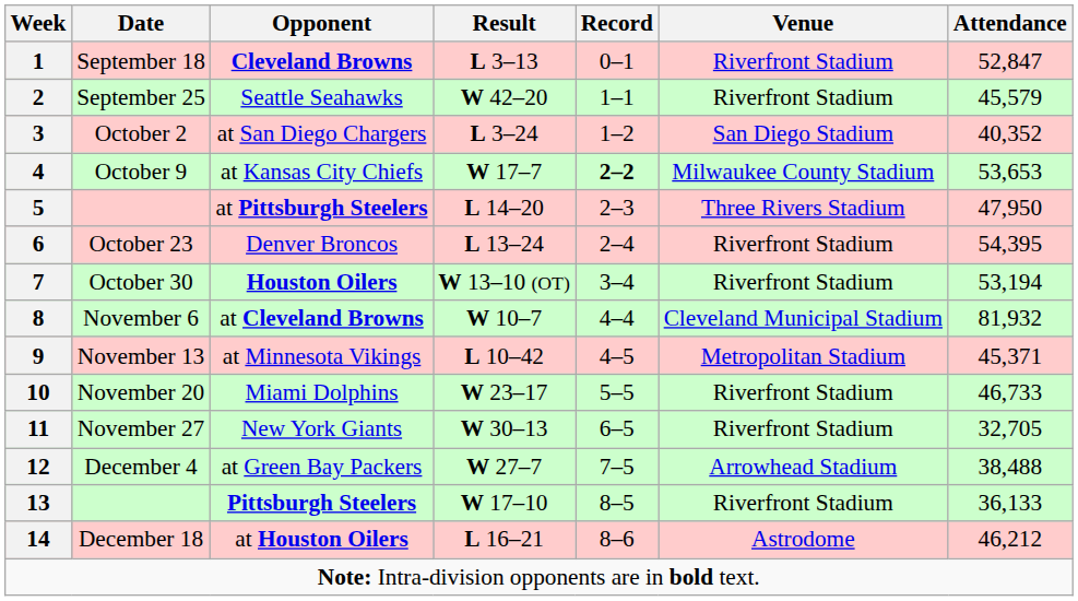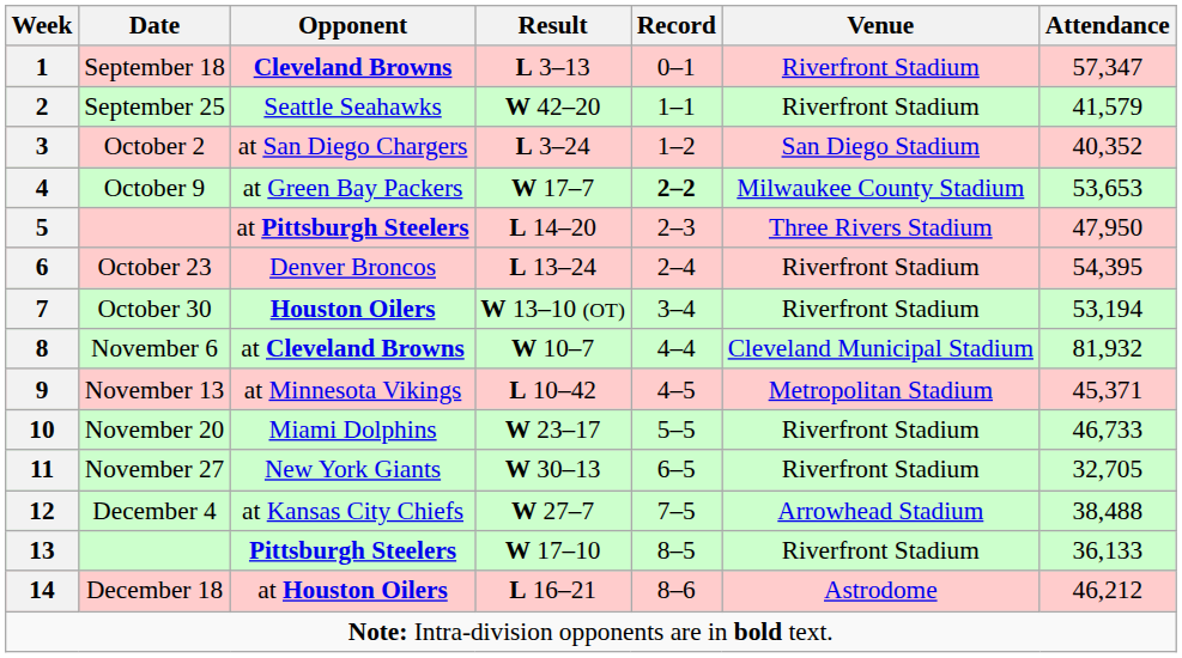 <table class="wikitable" style="text-align:center">
 <tr>
 <th>Week</th>
 <th>Date</th>
 <th>Opponent</th>
 <th>Result</th>
 <th>Record</th>
 <th>Venue</th>
 <th>Attendance</th>
 </tr>
 <tr style="background:#fcc">
 <th>1</th>
 <td>September 18</td>
 <td><strong><a href='#'>Cleveland Browns</a></strong></td>
 <td><strong>L</strong> 3–13</td>
 <td>0–1</td>
 <td><a href='#'>Riverfront Stadium</a></td>
-<td>52,847</td>
+<td>57,347</td>
 </tr>
 <tr style="background:#cfc">
 <th>2</th>
 <td>September 25</td>
 <td><a href='#'>Seattle Seahawks</a></td>
 <td><strong>W</strong> 42–20</td>
 <td>1–1</td>
 <td>Riverfront Stadium</td>
-<td>45,579</td>
+<td>41,579</td>
 </tr>
 <tr style="background:#fcc">
 <th>3</th>
 <td>October 2</td>
 <td>at <a href='#'>San Diego Chargers</a></td>
 <td><strong>L</strong> 3–24</td>
 <td>1–2</td>
 <td><a href='#'>San Diego Stadium</a></td>
 <td>40,352</td>
 </tr>
 <tr style="background:#cfc">
 <th>4</th>
 <td>October 9</td>
-<td>at <a href='#'>Kansas City Chiefs</a></td>
+<td>at <a href='#'>Green Bay Packers</a></td>
 <td><strong>W</strong> 17–7</td>
 <td><strong>2–2</strong></td>
 <td><a href='#'>Milwaukee County Stadium</a></td>
 <td>53,653</td>
 </tr>
 <tr style="background:#fcc">
 <th>5</th>
 <td></td>
 <td>at <strong><a href='#'>Pittsburgh Steelers</a></strong></td>
 <td><strong>L</strong> 14–20</td>
 <td>2–3</td>
 <td><a href='#'>Three Rivers Stadium</a></td>
 <td>47,950</td>
 </tr>
 <tr style="background:#fcc">
 <th>6</th>
 <td>October 23</td>
 <td><a href='#'>Denver Broncos</a></td>
 <td><strong>L</strong> 13–24</td>
 <td>2–4</td>
 <td>Riverfront Stadium</td>
 <td>54,395</td>
 </tr>
 <tr style="background:#cfc">
 <th>7</th>
 <td>October 30</td>
 <td><strong><a href='#'>Houston Oilers</a></strong></td>
 <td><strong>W</strong> 13–10 <small>(OT)</small></td>
 <td>3–4</td>
 <td>Riverfront Stadium</td>
 <td>53,194</td>
 </tr>
 <tr style="background:#cfc">
 <th>8</th>
 <td>November 6</td>
 <td>at <strong><a href='#'>Cleveland Browns</a></strong></td>
 <td><strong>W</strong> 10–7</td>
 <td>4–4</td>
 <td><a href='#'>Cleveland Municipal Stadium</a></td>
 <td>81,932</td>
 </tr>
 <tr style="background:#fcc">
 <th>9</th>
 <td>November 13</td>
 <td>at <a href='#'>Minnesota Vikings</a></td>
 <td><strong>L</strong> 10–42</td>
 <td>4–5</td>
 <td><a href='#'>Metropolitan Stadium</a></td>
 <td>45,371</td>
 </tr>
 <tr style="background:#cfc">
 <th>10</th>
 <td>November 20</td>
 <td><a href='#'>Miami Dolphins</a></td>
 <td><strong>W</strong> 23–17</td>
 <td>5–5</td>
 <td>Riverfront Stadium</td>
 <td>46,733</td>
 </tr>
 <tr style="background:#cfc">
 <th>11</th>
 <td>November 27</td>
 <td><a href='#'>New York Giants</a></td>
 <td><strong>W</strong> 30–13</td>
 <td>6–5</td>
 <td>Riverfront Stadium</td>
 <td>32,705</td>
 </tr>
 <tr style="background:#cfc">
 <th>12</th>
 <td>December 4</td>
-<td>at <a href='#'>Green Bay Packers</a></td>
+<td>at <a href='#'>Kansas City Chiefs</a></td>
 <td><strong>W</strong> 27–7</td>
 <td>7–5</td>
 <td><a href='#'>Arrowhead Stadium</a></td>
 <td>38,488</td>
 </tr>
 <tr style="background:#cfc">
 <th>13</th>
 <td></td>
 <td><strong><a href='#'>Pittsburgh Steelers</a></strong></td>
 <td><strong>W</strong> 17–10</td>
 <td>8–5</td>
 <td>Riverfront Stadium</td>
 <td>36,133</td>
 </tr>
 <tr style="background:#fcc">
 <th>14</th>
 <td>December 18</td>
 <td>at <strong><a href='#'>Houston Oilers</a></strong></td>
 <td><strong>L</strong> 16–21</td>
 <td>8–6</td>
 <td><a href='#'>Astrodome</a></td>
 <td>46,212</td>
 </tr>
 <tr>
 <td colspan="8"><strong>Note:</strong> Intra-division opponents are in <strong>bold</strong> text.</td>
 </tr>
 </table>
